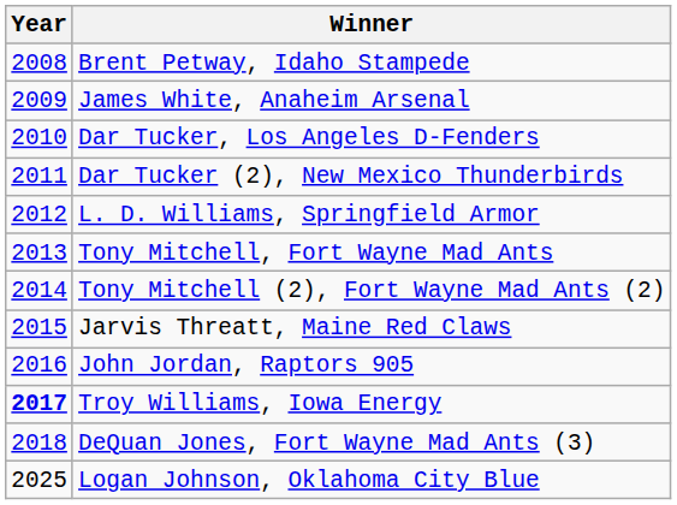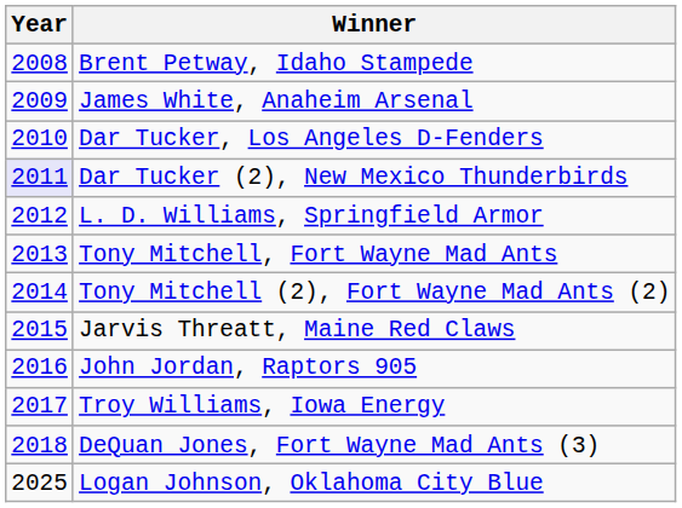 <table class="wikitable">
 <tr>
 <th>Year</th>
 <th>Winner</th>
 </tr>
 <tr>
 <td><a href='#'>2008</a></td>
 <td><a href='#'>Brent Petway</a>, <a href='#'>Idaho Stampede</a></td>
 </tr>
 <tr>
 <td><a href='#'>2009</a></td>
 <td><a href='#'>James White</a>, <a href='#'>Anaheim Arsenal</a></td>
 </tr>
 <tr>
 <td><a href='#'>2010</a></td>
 <td><a href='#'>Dar Tucker</a>, <a href='#'>Los Angeles D-Fenders</a></td>
 </tr>
 <tr>
-<td><a href='#'>2011</a></td>
+<td style="background: lavender;"><a href='#'>2011</a></td>
 <td><a href='#'>Dar Tucker</a> (2), <a href='#'>New Mexico Thunderbirds</a></td>
 </tr>
 <tr>
 <td><a href='#'>2012</a></td>
 <td><a href='#'>L. D. Williams</a>, <a href='#'>Springfield Armor</a></td>
 </tr>
 <tr>
 <td><a href='#'>2013</a></td>
 <td><a href='#'>Tony Mitchell</a>, <a href='#'>Fort Wayne Mad Ants</a></td>
 </tr>
 <tr>
 <td><a href='#'>2014</a></td>
 <td><a href='#'>Tony Mitchell</a> (2), <a href='#'>Fort Wayne Mad Ants</a> (2)</td>
 </tr>
 <tr>
 <td><a href='#'>2015</a></td>
 <td>Jarvis Threatt, <a href='#'>Maine Red Claws</a></td>
 </tr>
 <tr>
 <td><a href='#'>2016</a></td>
 <td><a href='#'>John Jordan</a>, <a href='#'>Raptors 905</a></td>
 </tr>
 <tr>
-<td><strong><a href='#'>2017</a></strong></td>
+<td><a href='#'>2017</a></td>
 <td><a href='#'>Troy Williams</a>, <a href='#'>Iowa Energy</a></td>
 </tr>
 <tr>
 <td><a href='#'>2018</a></td>
 <td><a href='#'>DeQuan Jones</a>, <a href='#'>Fort Wayne Mad Ants</a> (3)</td>
 </tr>
 <tr>
 <td>2025</td>
 <td><a href='#'>Logan Johnson</a>, <a href='#'>Oklahoma City Blue</a></td>
 </tr>
 </table>
